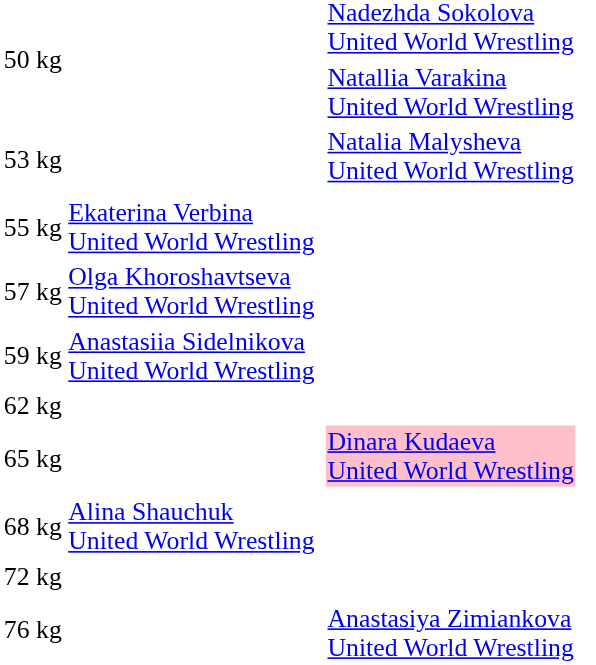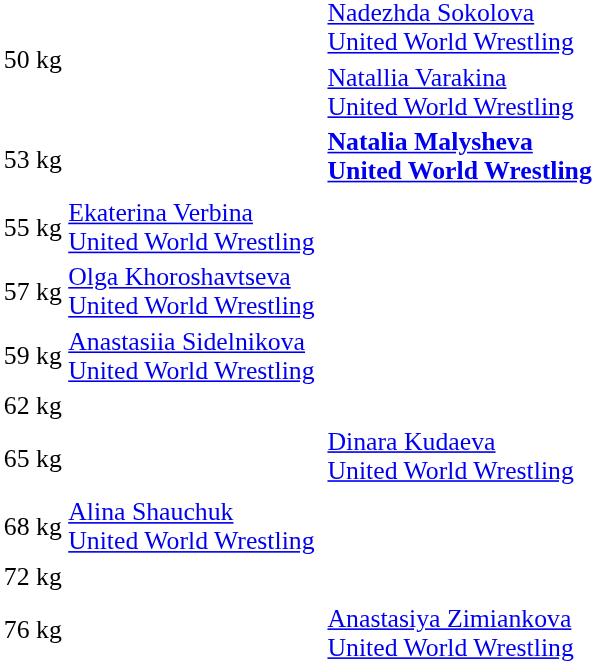 <table>
 <tr>
 <td rowspan=2>50 kg<br></td>
 <td rowspan=2></td>
 <td rowspan=2></td>
 <td><a href='#'>Nadezhda Sokolova</a><br> <a href='#'>United World Wrestling</a></td>
 </tr>
 <tr>
 <td><a href='#'>Natallia Varakina</a><br> <a href='#'>United World Wrestling</a></td>
 </tr>
 <tr>
 <td rowspan=2>53 kg<br></td>
 <td rowspan=2></td>
 <td rowspan=2></td>
-<td><a href='#'>Natalia Malysheva</a><br> <a href='#'>United World Wrestling</a></td>
+<td><strong><a href='#'>Natalia Malysheva</a><br> <a href='#'>United World Wrestling</a></strong></td>
 </tr>
 <tr>
 <td></td>
 </tr>
 <tr>
 <td rowspan=2>55 kg<br></td>
 <td rowspan=2><a href='#'>Ekaterina Verbina</a><br> <a href='#'>United World Wrestling</a></td>
 <td rowspan=2></td>
 <td></td>
 </tr>
 <tr>
 <td></td>
 </tr>
 <tr>
 <td rowspan=2>57 kg<br></td>
 <td rowspan=2><a href='#'>Olga Khoroshavtseva</a><br> <a href='#'>United World Wrestling</a></td>
 <td rowspan=2></td>
 <td></td>
 </tr>
 <tr>
 <td></td>
 </tr>
 <tr>
 <td rowspan=2>59 kg<br></td>
 <td rowspan=2><a href='#'>Anastasiia Sidelnikova</a><br> <a href='#'>United World Wrestling</a></td>
 <td rowspan=2></td>
 <td></td>
 </tr>
 <tr>
 <td></td>
 </tr>
 <tr>
 <td rowspan=2>62 kg<br></td>
 <td rowspan=2></td>
 <td rowspan=2></td>
 <td></td>
 </tr>
 <tr>
 <td></td>
 </tr>
 <tr>
 <td rowspan=2>65 kg<br></td>
 <td rowspan=2></td>
 <td rowspan=2></td>
-<td style="background: pink;"><a href='#'>Dinara Kudaeva</a><br> <a href='#'>United World Wrestling</a></td>
+<td><a href='#'>Dinara Kudaeva</a><br> <a href='#'>United World Wrestling</a></td>
 </tr>
 <tr>
 <td></td>
 </tr>
 <tr>
 <td rowspan=2>68 kg<br></td>
 <td rowspan=2><a href='#'>Alina Shauchuk</a><br> <a href='#'>United World Wrestling</a></td>
 <td rowspan=2></td>
 <td></td>
 </tr>
 <tr>
 <td></td>
 </tr>
 <tr>
 <td rowspan=2>72 kg<br></td>
 <td rowspan=2></td>
 <td rowspan=2></td>
 <td></td>
 </tr>
 <tr>
 <td></td>
 </tr>
 <tr>
 <td rowspan=2>76 kg<br></td>
 <td rowspan=2></td>
 <td rowspan=2></td>
 <td></td>
 </tr>
 <tr>
 <td><a href='#'>Anastasiya Zimiankova</a><br> <a href='#'>United World Wrestling</a></td>
 </tr>
 </table>
